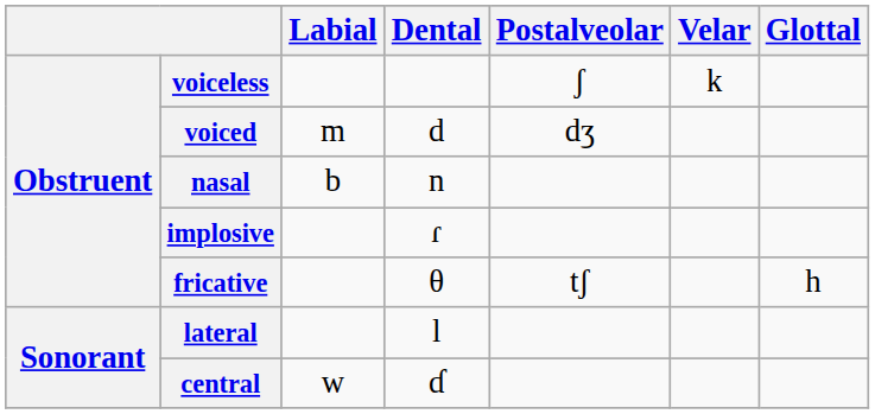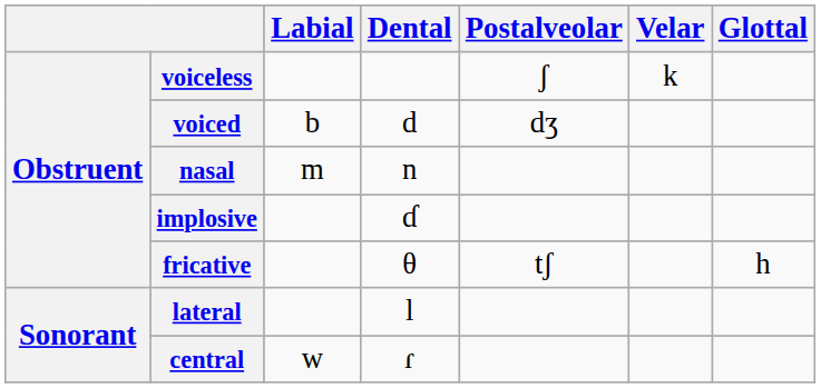 <table class="wikitable IPA" style="text-align: center;">
 <tr>
 <th colspan="2"></th>
 <th><a href='#'>Labial</a></th>
 <th><a href='#'>Dental</a></th>
 <th><a href='#'>Postalveolar</a></th>
 <th><a href='#'>Velar</a></th>
 <th><a href='#'>Glottal</a></th>
 </tr>
 <tr>
 <th rowspan="5"><a href='#'>Obstruent</a></th>
 <th><small><a href='#'>voiceless</a></small></th>
 <td></td>
 <td></td>
 <td>ʃ</td>
 <td>k</td>
 <td></td>
 </tr>
 <tr>
 <th><small><a href='#'>voiced</a></small></th>
-<td>m</td>
+<td>b</td>
 <td>d</td>
 <td>dʒ</td>
 <td></td>
 <td></td>
 </tr>
 <tr>
 <th><small><a href='#'>nasal</a></small></th>
-<td>b</td>
+<td>m</td>
 <td>n</td>
 <td></td>
 <td></td>
 <td></td>
 </tr>
 <tr>
 <th><small><a href='#'>implosive</a></small></th>
 <td></td>
-<td>ɾ</td>
+<td>ɗ</td>
 <td></td>
 <td></td>
 <td></td>
 </tr>
 <tr>
 <th><a href='#'><small>fricative</small></a></th>
 <td></td>
 <td>θ</td>
 <td>tʃ</td>
 <td></td>
 <td>h</td>
 </tr>
 <tr>
 <th rowspan="2"><a href='#'>Sonorant</a></th>
 <th><a href='#'><small>lateral</small></a></th>
 <td></td>
 <td>l</td>
 <td></td>
 <td></td>
 <td></td>
 </tr>
 <tr>
 <th><a href='#'><small>central</small></a></th>
 <td>w</td>
-<td>ɗ</td>
+<td>ɾ</td>
 <td></td>
 <td></td>
 <td></td>
 </tr>
 </table>
